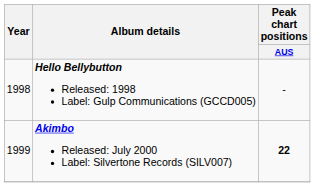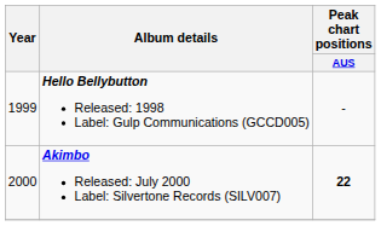 <table class="wikitable" style="text-align:center;">
 <tr>
 <th rowspan="2">Year</th>
 <th rowspan="2">Album details</th>
 <th colspan="1">Peak chart positions</th>
 </tr>
 <tr style="font-size:smaller;">
 <th style="width:40px;"><a href='#'>AUS</a><br></th>
 </tr>
 <tr>
-<td>1998</td>
+<td>1999</td>
 <td align="left"><strong><em>Hello Bellybutton</em></strong><br><ul><li>Released: 1998</li><li>Label: Gulp Communications (GCCD005)</li></ul></td>
 <td>-</td>
 </tr>
 <tr>
-<td>1999</td>
+<td>2000</td>
 <td align="left"><strong><em><a href='#'>Akimbo</a></em></strong><br><ul><li>Released: July 2000</li><li>Label: Silvertone Records (SILV007)</li></ul></td>
 <td><strong>22</strong></td>
 </tr>
 <tr>
 </tr>
 </table>
